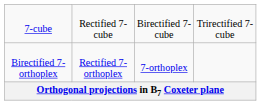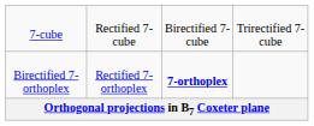 <table class=wikitable style="float:right; margin-left:8px; width:400px">
 <tr align=center>
 <td><br><a href='#'>7-cube</a><br></td>
 <td><br>Rectified 7-cube<br></td>
 <td><br>Birectified 7-cube<br></td>
 <td><br>Trirectified 7-cube<br></td>
 </tr>
 <tr align=center>
 <td><br><a href='#'>Birectified 7-orthoplex</a><br></td>
 <td><br><a href='#'>Rectified 7-orthoplex</a><br></td>
-<td><br><a href='#'>7-orthoplex</a><br></td>
+<td><strong><br><a href='#'>7-orthoplex</a><br></strong></td>
 </tr>
 <tr>
 <th colspan=4><a href='#'>Orthogonal projections</a> in B<sub>7</sub> <a href='#'>Coxeter plane</a></th>
 </tr>
 </table>
